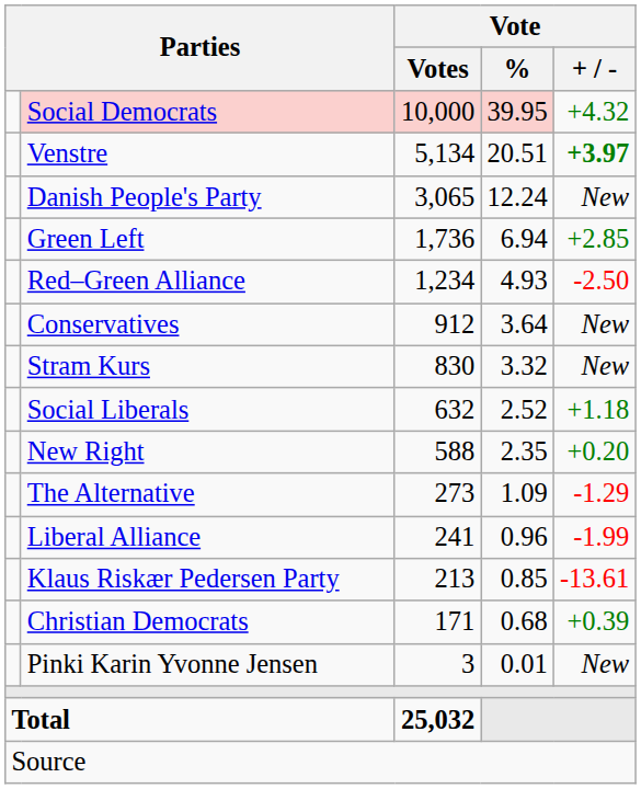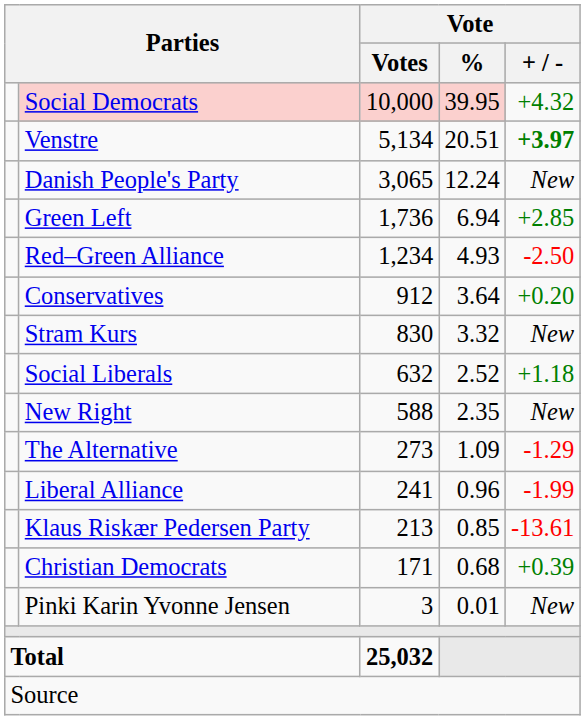 <table class="wikitable" style="text-align:right;">
 <tr>
 <th style="text-align:centre;" rowspan="2" colspan="2" width="225">Parties</th>
 <th colspan="3">Vote</th>
 </tr>
 <tr>
 <th width="15">Votes</th>
 <th width="15">%</th>
 <th width="15">+ / -</th>
 </tr>
 <tr>
 <td width="2" style="color:inherit;background:"></td>
 <td bgcolor=#fbd0ce  align="left"><a href='#'>Social Democrats</a></td>
 <td bgcolor=#fbd0ce>10,000</td>
 <td bgcolor=#fbd0ce>39.95</td>
 <td style=color:green;>+4.32</td>
 </tr>
 <tr>
 <td width="2" style="color:inherit;background:"></td>
 <td align="left"><a href='#'>Venstre</a></td>
 <td>5,134</td>
 <td>20.51</td>
 <td style=color:green;><strong>+3.97</strong></td>
 </tr>
 <tr>
 <td width="2" style="color:inherit;background:"></td>
 <td align="left"><a href='#'>Danish People's Party</a></td>
 <td>3,065</td>
 <td>12.24</td>
 <td><em>New</em></td>
 </tr>
 <tr>
 <td width="2" style="color:inherit;background:"></td>
 <td align="left"><a href='#'>Green Left</a></td>
 <td>1,736</td>
 <td>6.94</td>
 <td style=color:green;>+2.85</td>
 </tr>
 <tr>
 <td width="2" style="color:inherit;background:"></td>
 <td align="left"><a href='#'>Red–Green Alliance</a></td>
 <td>1,234</td>
 <td>4.93</td>
 <td style=color:red;>-2.50</td>
 </tr>
 <tr>
 <td width="2" style="color:inherit;background:"></td>
 <td align="left"><a href='#'>Conservatives</a></td>
 <td>912</td>
 <td>3.64</td>
-<td><em>New</em></td>
+<td style=color:green;>+0.20</td>
 </tr>
 <tr>
 <td width="2" style="color:inherit;background:"></td>
 <td align="left"><a href='#'>Stram Kurs</a></td>
 <td>830</td>
 <td>3.32</td>
 <td><em>New</em></td>
 </tr>
 <tr>
 <td width="2" style="color:inherit;background:"></td>
 <td align="left"><a href='#'>Social Liberals</a></td>
 <td>632</td>
 <td>2.52</td>
 <td style=color:green;>+1.18</td>
 </tr>
 <tr>
 <td width="2" style="color:inherit;background:"></td>
 <td align="left"><a href='#'>New Right</a></td>
 <td>588</td>
 <td>2.35</td>
-<td style=color:green;>+0.20</td>
+<td><em>New</em></td>
 </tr>
 <tr>
 <td width="2" style="color:inherit;background:"></td>
 <td align="left"><a href='#'>The Alternative</a></td>
 <td>273</td>
 <td>1.09</td>
 <td style=color:red;>-1.29</td>
 </tr>
 <tr>
 <td width="2" style="color:inherit;background:"></td>
 <td align="left"><a href='#'>Liberal Alliance</a></td>
 <td>241</td>
 <td>0.96</td>
 <td style=color:red;>-1.99</td>
 </tr>
 <tr>
 <td width="2" style="color:inherit;background:"></td>
 <td align="left"><a href='#'>Klaus Riskær Pedersen Party</a></td>
 <td>213</td>
 <td>0.85</td>
 <td style=color:red;>-13.61</td>
 </tr>
 <tr>
 <td width="2" style="color:inherit;background:"></td>
 <td align="left"><a href='#'>Christian Democrats</a></td>
 <td>171</td>
 <td>0.68</td>
 <td style=color:green;>+0.39</td>
 </tr>
 <tr>
 <td width="2" style="color:inherit;background:"></td>
 <td align="left">Pinki Karin Yvonne Jensen</td>
 <td>3</td>
 <td>0.01</td>
 <td><em>New</em></td>
 </tr>
 <tr>
 <td colspan="7" bgcolor="#E9E9E9"></td>
 </tr>
 <tr>
 <td align="left" colspan="2"><strong>Total</strong></td>
 <td><strong>25,032</strong></td>
 <td bgcolor="#E9E9E9" colspan="2"></td>
 </tr>
 <tr>
 <td align="left" colspan="6">Source</td>
 </tr>
 </table>
